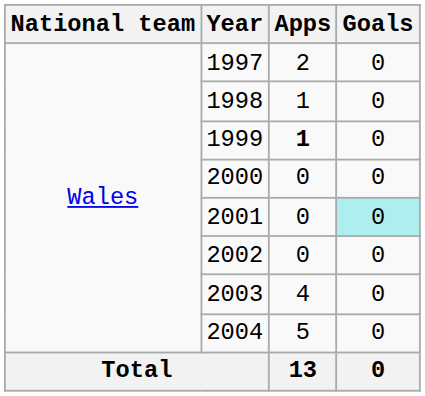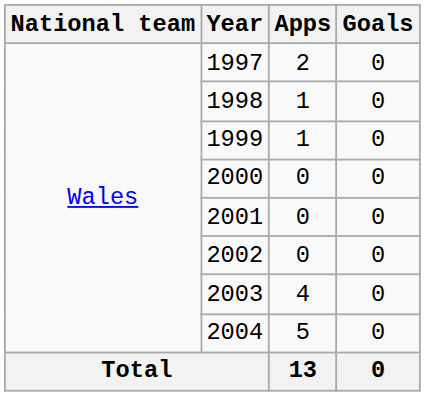 <table class="wikitable" style="text-align:center">
 <tr>
 <th>National team</th>
 <th>Year</th>
 <th>Apps</th>
 <th>Goals</th>
 </tr>
 <tr>
 <td rowspan="8"><a href='#'>Wales</a></td>
 <td>1997</td>
 <td>2</td>
 <td>0</td>
 </tr>
 <tr>
 <td>1998</td>
 <td>1</td>
 <td>0</td>
 </tr>
 <tr>
 <td>1999</td>
-<td><strong>1</strong></td>
+<td>1</td>
 <td>0</td>
 </tr>
 <tr>
 <td>2000</td>
 <td>0</td>
 <td>0</td>
 </tr>
 <tr>
 <td>2001</td>
 <td>0</td>
-<td style="background: paleturquoise;">0</td>
+<td>0</td>
 </tr>
 <tr>
 <td>2002</td>
 <td>0</td>
 <td>0</td>
 </tr>
 <tr>
 <td>2003</td>
 <td>4</td>
 <td>0</td>
 </tr>
 <tr>
 <td>2004</td>
 <td>5</td>
 <td>0</td>
 </tr>
 <tr>
 <th colspan="2">Total</th>
 <th>13</th>
 <th>0</th>
 </tr>
 </table>
